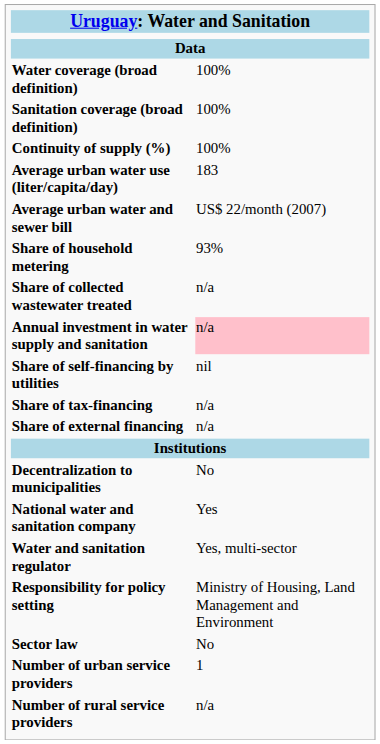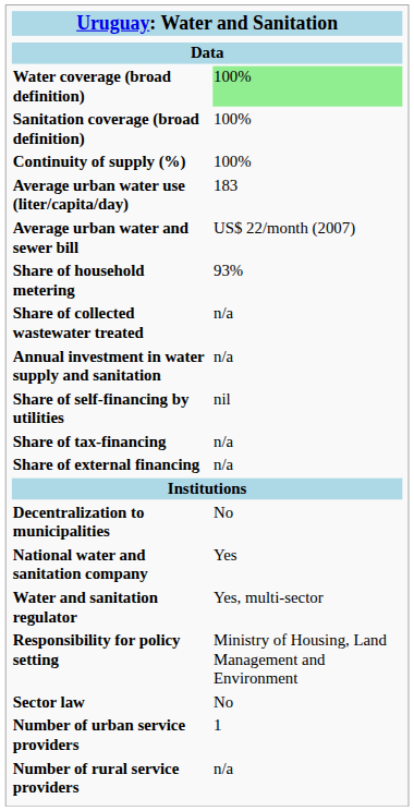 <table style="width: 25em; font-size: 90%; text-align: left;" class="infobox">
 <tr>
 <th align="center" bgcolor="lightblue" colspan="2"><big><a href='#'>Uruguay</a>: Water and Sanitation</big></th>
 </tr>
 <tr>
 <td colspan="2" style="text-align:center"></td>
 </tr>
 <tr>
 <th align="center" bgcolor="lightblue" colspan="3">Data</th>
 </tr>
 <tr>
 <th align="left" valign="top">Water coverage (broad definition)</th>
-<td valign="top">100%</td>
+<td valign="top" style="background: lightgreen;">100%</td>
 </tr>
 <tr>
 <th align="left" valign="top">Sanitation coverage (broad definition)</th>
 <td valign="top">100%</td>
 </tr>
 <tr>
 <th align="left" valign="top">Continuity of supply (%)</th>
 <td valign="top">100%</td>
 </tr>
 <tr>
 <th align="left" valign="top">Average urban water use (liter/capita/day)</th>
 <td valign="top">183</td>
 </tr>
 <tr>
 <th align="left" valign="top">Average urban water and sewer bill</th>
 <td valign="top">US$ 22/month (2007)</td>
 </tr>
 <tr>
 <th align="left" valign="top">Share of household metering</th>
 <td valign="top">93%</td>
 </tr>
 <tr>
 <th align="left" valign="top">Share of collected wastewater treated</th>
 <td valign="top">n/a</td>
 </tr>
 <tr>
 <th align="left" valign="top">Annual investment in water supply and sanitation</th>
-<td valign="top" style="background: pink;">n/a</td>
+<td valign="top">n/a</td>
 </tr>
 <tr>
 <th align="left" valign="top">Share of self-financing by utilities</th>
 <td valign="top">nil</td>
 </tr>
 <tr>
 <th align="left" valign="top">Share of tax-financing</th>
 <td valign="top">n/a</td>
 </tr>
 <tr>
 <th align="left" valign="top">Share of external financing</th>
 <td valign="top">n/a</td>
 </tr>
 <tr>
 <th align="center" bgcolor="lightblue" colspan="3">Institutions</th>
 </tr>
 <tr>
 <th align="left" valign="top">Decentralization to municipalities</th>
 <td valign="top">No</td>
 </tr>
 <tr>
 <th align="left" valign="top">National water and sanitation company</th>
 <td valign="top">Yes</td>
 </tr>
 <tr>
 <th align="left" valign="top">Water and sanitation regulator</th>
 <td valign="top">Yes, multi-sector</td>
 </tr>
 <tr>
 <th align="left" valign="top">Responsibility for policy setting</th>
 <td valign="top">Ministry of Housing, Land Management and Environment</td>
 </tr>
 <tr>
 <th align="left" valign="top">Sector law</th>
 <td valign="top">No</td>
 </tr>
 <tr>
 <th align="left" valign="top">Number of urban service providers</th>
 <td valign="top">1</td>
 </tr>
 <tr>
 <th align="left" valign="top">Number of rural service providers</th>
 <td valign="top">n/a</td>
 </tr>
 <tr>
 </tr>
 </table>
